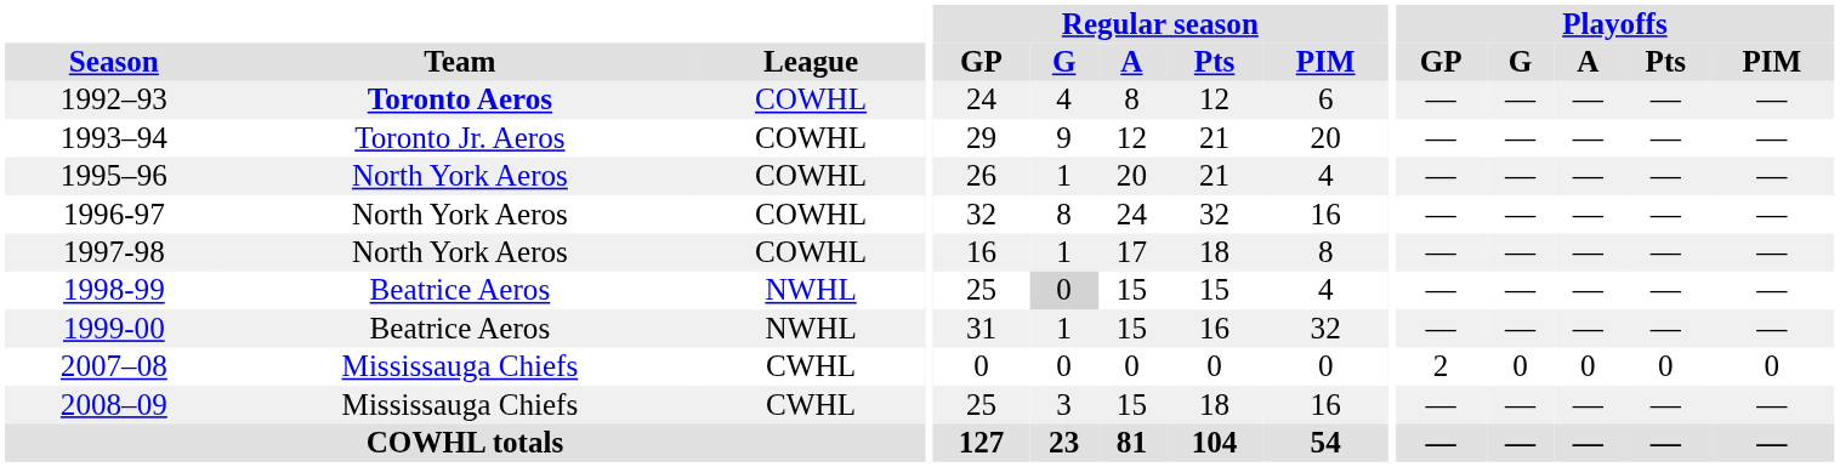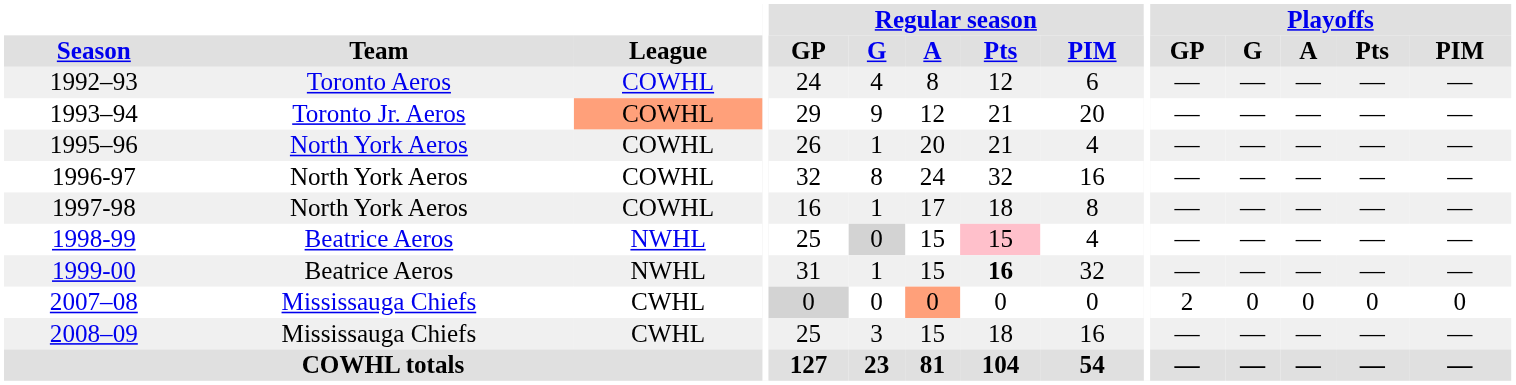 <table border="0" cellpadding="1" cellspacing="0" style="text-align:center; width:60em">
 <tr bgcolor="#e0e0e0">
 <th colspan="3" bgcolor="#ffffff"></th>
 <th rowspan="101" bgcolor="#ffffff"></th>
 <th colspan="5"><a href='#'>Regular season</a></th>
 <th rowspan="101" bgcolor="#ffffff"></th>
 <th colspan="5"><a href='#'>Playoffs</a></th>
 </tr>
 <tr bgcolor="#e0e0e0">
 <th><a href='#'>Season</a></th>
 <th>Team</th>
 <th>League</th>
 <th>GP</th>
 <th><a href='#'>G</a></th>
 <th><a href='#'>A</a></th>
 <th><a href='#'>Pts</a></th>
 <th><a href='#'>PIM</a></th>
 <th>GP</th>
 <th>G</th>
 <th>A</th>
 <th>Pts</th>
 <th>PIM</th>
 </tr>
 <tr style="background:#f0f0f0;">
 <td>1992–93</td>
-<td><strong><a href='#'>Toronto Aeros</a></strong></td>
+<td><a href='#'>Toronto Aeros</a></td>
 <td><a href='#'>COWHL</a></td>
 <td>24</td>
 <td>4</td>
 <td>8</td>
 <td>12</td>
 <td>6</td>
 <td>—</td>
 <td>—</td>
 <td>—</td>
 <td>—</td>
 <td>—</td>
 </tr>
 <tr>
 <td>1993–94</td>
 <td><a href='#'>Toronto Jr. Aeros</a></td>
-<td>COWHL</td>
+<td style="background: lightsalmon;">COWHL</td>
 <td>29</td>
 <td>9</td>
 <td>12</td>
 <td>21</td>
 <td>20</td>
 <td>—</td>
 <td>—</td>
 <td>—</td>
 <td>—</td>
 <td>—</td>
 </tr>
 <tr style="background:#f0f0f0;">
 <td>1995–96</td>
 <td><a href='#'>North York Aeros</a></td>
 <td>COWHL</td>
 <td>26</td>
 <td>1</td>
 <td>20</td>
 <td>21</td>
 <td>4</td>
 <td>—</td>
 <td>—</td>
 <td>—</td>
 <td>—</td>
 <td>—</td>
 </tr>
 <tr>
 <td>1996-97</td>
 <td>North York Aeros</td>
 <td>COWHL</td>
 <td>32</td>
 <td>8</td>
 <td>24</td>
 <td>32</td>
 <td>16</td>
 <td>—</td>
 <td>—</td>
 <td>—</td>
 <td>—</td>
 <td>—</td>
 </tr>
 <tr bgcolor="#f0f0f0">
 <td>1997-98</td>
 <td>North York Aeros</td>
 <td>COWHL</td>
 <td>16</td>
 <td>1</td>
 <td>17</td>
 <td>18</td>
 <td>8</td>
 <td>—</td>
 <td>—</td>
 <td>—</td>
 <td>—</td>
 <td>—</td>
 </tr>
 <tr>
 <td><a href='#'>1998-99</a></td>
 <td><a href='#'>Beatrice Aeros</a></td>
 <td><a href='#'>NWHL</a></td>
 <td>25</td>
 <td style="background: lightgrey;">0</td>
 <td>15</td>
-<td>15</td>
+<td style="background: pink;">15</td>
 <td>4</td>
 <td>—</td>
 <td>—</td>
 <td>—</td>
 <td>—</td>
 <td>—</td>
 </tr>
 <tr bgcolor="#f0f0f0">
 <td><a href='#'>1999-00</a></td>
 <td>Beatrice Aeros</td>
 <td>NWHL</td>
 <td>31</td>
 <td>1</td>
 <td>15</td>
-<td>16</td>
+<td><strong>16</strong></td>
 <td>32</td>
 <td>—</td>
 <td>—</td>
 <td>—</td>
 <td>—</td>
 <td>—</td>
 </tr>
 <tr>
 <td><a href='#'>2007–08</a></td>
 <td><a href='#'>Mississauga Chiefs</a></td>
 <td>CWHL</td>
+<td style="background: lightgrey;">0</td>
 <td>0</td>
-<td>0</td>
-<td>0</td>
+<td style="background: lightsalmon;">0</td>
 <td>0</td>
 <td>0</td>
 <td>2</td>
 <td>0</td>
 <td>0</td>
 <td>0</td>
 <td>0</td>
 </tr>
 <tr bgcolor="#f0f0f0">
 <td><a href='#'>2008–09</a></td>
 <td>Mississauga Chiefs</td>
 <td>CWHL</td>
 <td>25</td>
 <td>3</td>
 <td>15</td>
 <td>18</td>
 <td>16</td>
 <td>—</td>
 <td>—</td>
 <td>—</td>
 <td>—</td>
 <td>—</td>
 </tr>
 <tr bgcolor="#e0e0e0">
 <th colspan="3">COWHL totals</th>
 <th>127</th>
 <th>23</th>
 <th>81</th>
 <th>104</th>
 <th>54</th>
 <th>—</th>
 <th>—</th>
 <th>—</th>
 <th>—</th>
 <th>—</th>
 </tr>
 </table>
